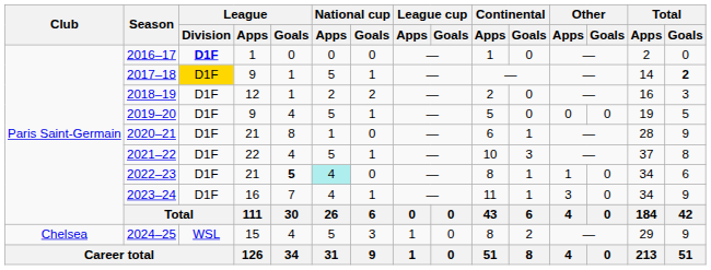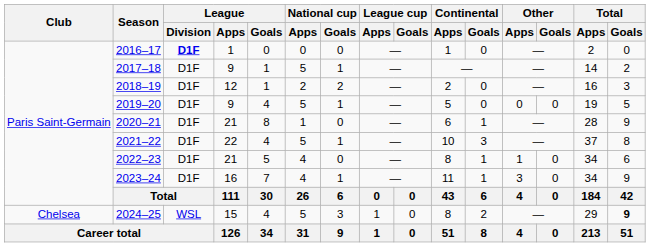 <table class="wikitable" style="text-align: center;">
 <tr>
 <th rowspan="2">Club</th>
 <th rowspan="2">Season</th>
 <th colspan="3">League</th>
 <th colspan="2">National cup</th>
 <th colspan="2">League cup</th>
 <th colspan="2">Continental</th>
 <th colspan="2">Other</th>
 <th colspan="2">Total</th>
 </tr>
 <tr>
 <th>Division</th>
 <th>Apps</th>
 <th>Goals</th>
 <th>Apps</th>
 <th>Goals</th>
 <th>Apps</th>
 <th>Goals</th>
 <th>Apps</th>
 <th>Goals</th>
 <th>Apps</th>
 <th>Goals</th>
 <th>Apps</th>
 <th>Goals</th>
 </tr>
 <tr>
 <td rowspan="9"><a href='#'>Paris Saint-Germain</a></td>
 <td><a href='#'>2016–17</a></td>
 <td><strong><a href='#'>D1F</a></strong></td>
 <td>1</td>
 <td>0</td>
 <td>0</td>
 <td>0</td>
 <td colspan="2">—</td>
 <td>1</td>
 <td>0</td>
 <td colspan="2">—</td>
 <td>2</td>
 <td>0</td>
 </tr>
 <tr>
 <td><a href='#'>2017–18</a></td>
-<td style="background: gold;">D1F</td>
+<td>D1F</td>
 <td>9</td>
 <td>1</td>
 <td>5</td>
 <td>1</td>
 <td colspan="2">—</td>
 <td colspan="2">—</td>
 <td colspan="2">—</td>
 <td>14</td>
-<td><strong>2</strong></td>
+<td>2</td>
 </tr>
 <tr>
 <td><a href='#'>2018–19</a></td>
 <td>D1F</td>
 <td>12</td>
 <td>1</td>
 <td>2</td>
 <td>2</td>
 <td colspan="2">—</td>
 <td>2</td>
 <td>0</td>
 <td colspan="2">—</td>
 <td>16</td>
 <td>3</td>
 </tr>
 <tr>
 <td><a href='#'>2019–20</a></td>
 <td>D1F</td>
 <td>9</td>
 <td>4</td>
 <td>5</td>
 <td>1</td>
 <td colspan="2">—</td>
 <td>5</td>
 <td>0</td>
 <td>0</td>
 <td>0</td>
 <td>19</td>
 <td>5</td>
 </tr>
 <tr>
 <td><a href='#'>2020–21</a></td>
 <td>D1F</td>
 <td>21</td>
 <td>8</td>
 <td>1</td>
 <td>0</td>
 <td colspan="2">—</td>
 <td>6</td>
 <td>1</td>
 <td colspan="2">—</td>
 <td>28</td>
 <td>9</td>
 </tr>
 <tr>
 <td><a href='#'>2021–22</a></td>
 <td>D1F</td>
 <td>22</td>
 <td>4</td>
 <td>5</td>
 <td>1</td>
 <td colspan="2">—</td>
 <td>10</td>
 <td>3</td>
 <td colspan="2">—</td>
 <td>37</td>
 <td>8</td>
 </tr>
 <tr>
 <td><a href='#'>2022–23</a></td>
 <td>D1F</td>
 <td>21</td>
-<td><strong>5</strong></td>
-<td style="background: paleturquoise;">4</td>
+<td>5</td>
+<td>4</td>
 <td>0</td>
 <td colspan="2">—</td>
 <td>8</td>
 <td>1</td>
 <td>1</td>
 <td>0</td>
 <td>34</td>
 <td>6</td>
 </tr>
 <tr>
 <td><a href='#'>2023–24</a></td>
 <td>D1F</td>
 <td>16</td>
 <td>7</td>
 <td>4</td>
 <td>1</td>
 <td colspan="2">—</td>
 <td>11</td>
 <td>1</td>
 <td>3</td>
 <td>0</td>
 <td>34</td>
 <td>9</td>
 </tr>
 <tr>
 <th colspan="2">Total</th>
 <th>111</th>
 <th>30</th>
 <th>26</th>
 <th>6</th>
 <th>0</th>
 <th>0</th>
 <th>43</th>
 <th>6</th>
 <th>4</th>
 <th>0</th>
 <th>184</th>
 <th>42</th>
 </tr>
 <tr>
 <td><a href='#'>Chelsea</a></td>
 <td><a href='#'>2024–25</a></td>
 <td><a href='#'>WSL</a></td>
 <td>15</td>
 <td>4</td>
 <td>5</td>
 <td>3</td>
 <td>1</td>
 <td>0</td>
 <td>8</td>
 <td>2</td>
 <td colspan="2">—</td>
 <td>29</td>
-<td>9</td>
+<td><strong>9</strong></td>
 </tr>
 <tr>
 <th colspan=3>Career total</th>
 <th>126</th>
 <th>34</th>
 <th>31</th>
 <th>9</th>
 <th>1</th>
 <th>0</th>
 <th>51</th>
 <th>8</th>
 <th>4</th>
 <th>0</th>
 <th>213</th>
 <th>51</th>
 </tr>
 </table>
